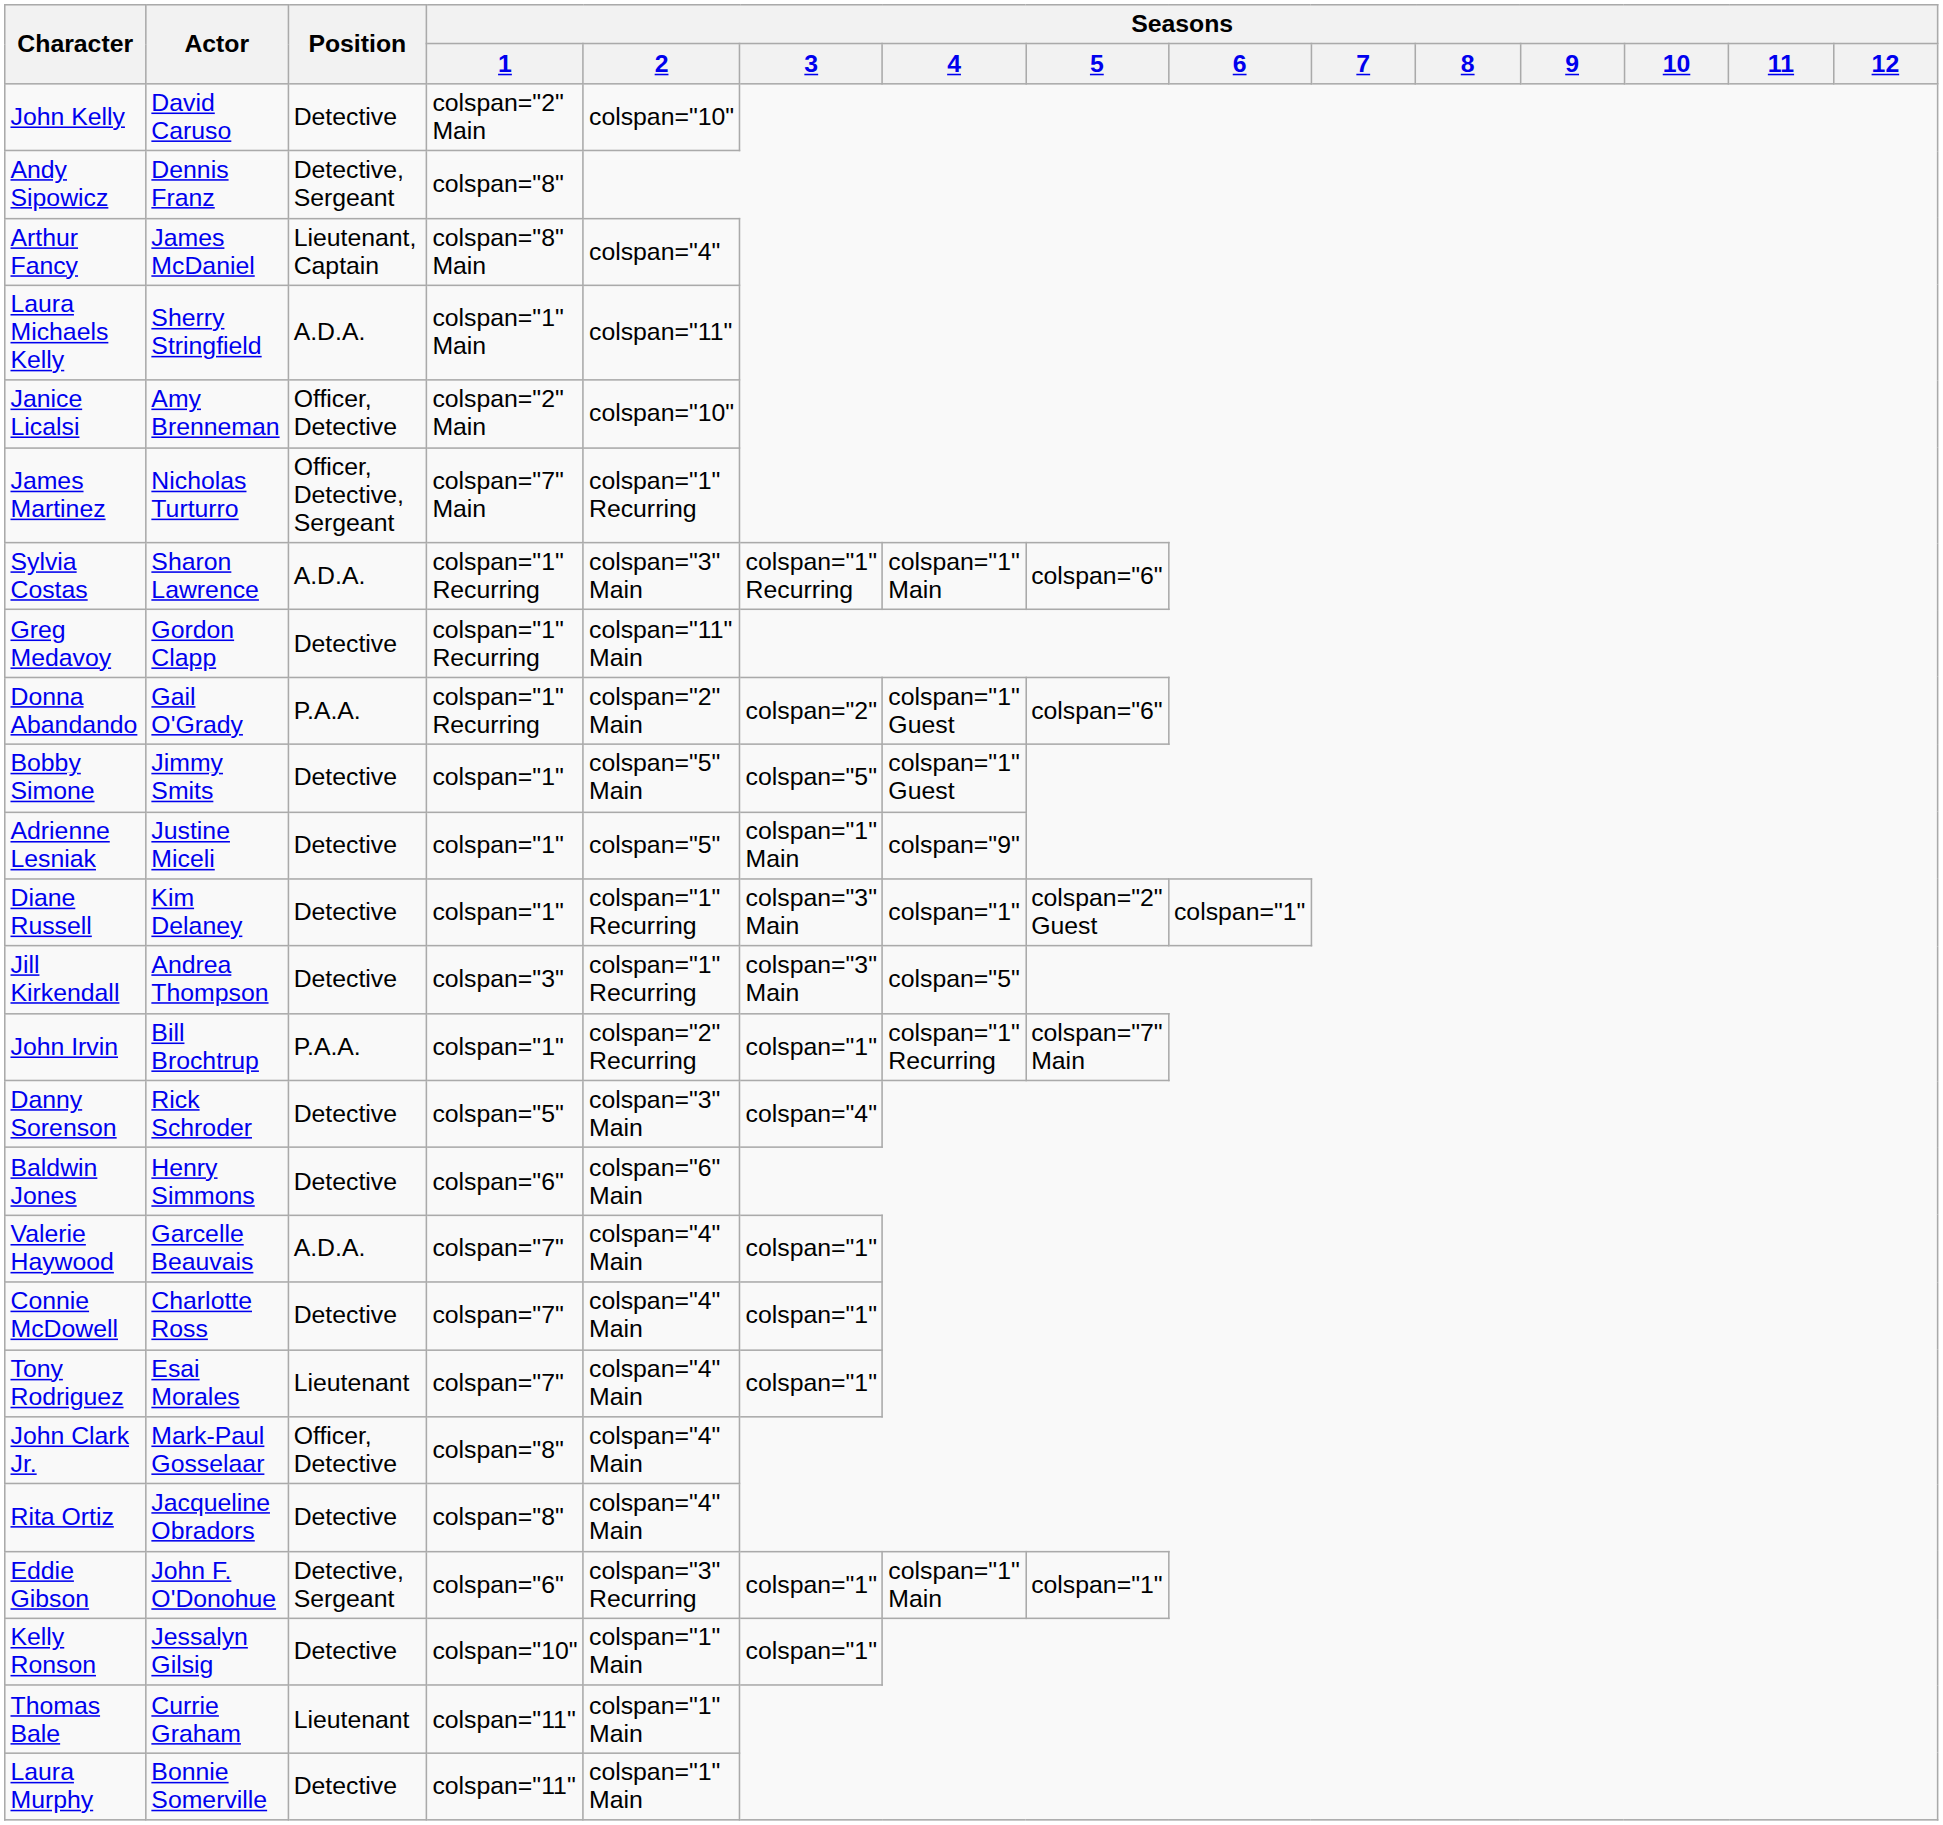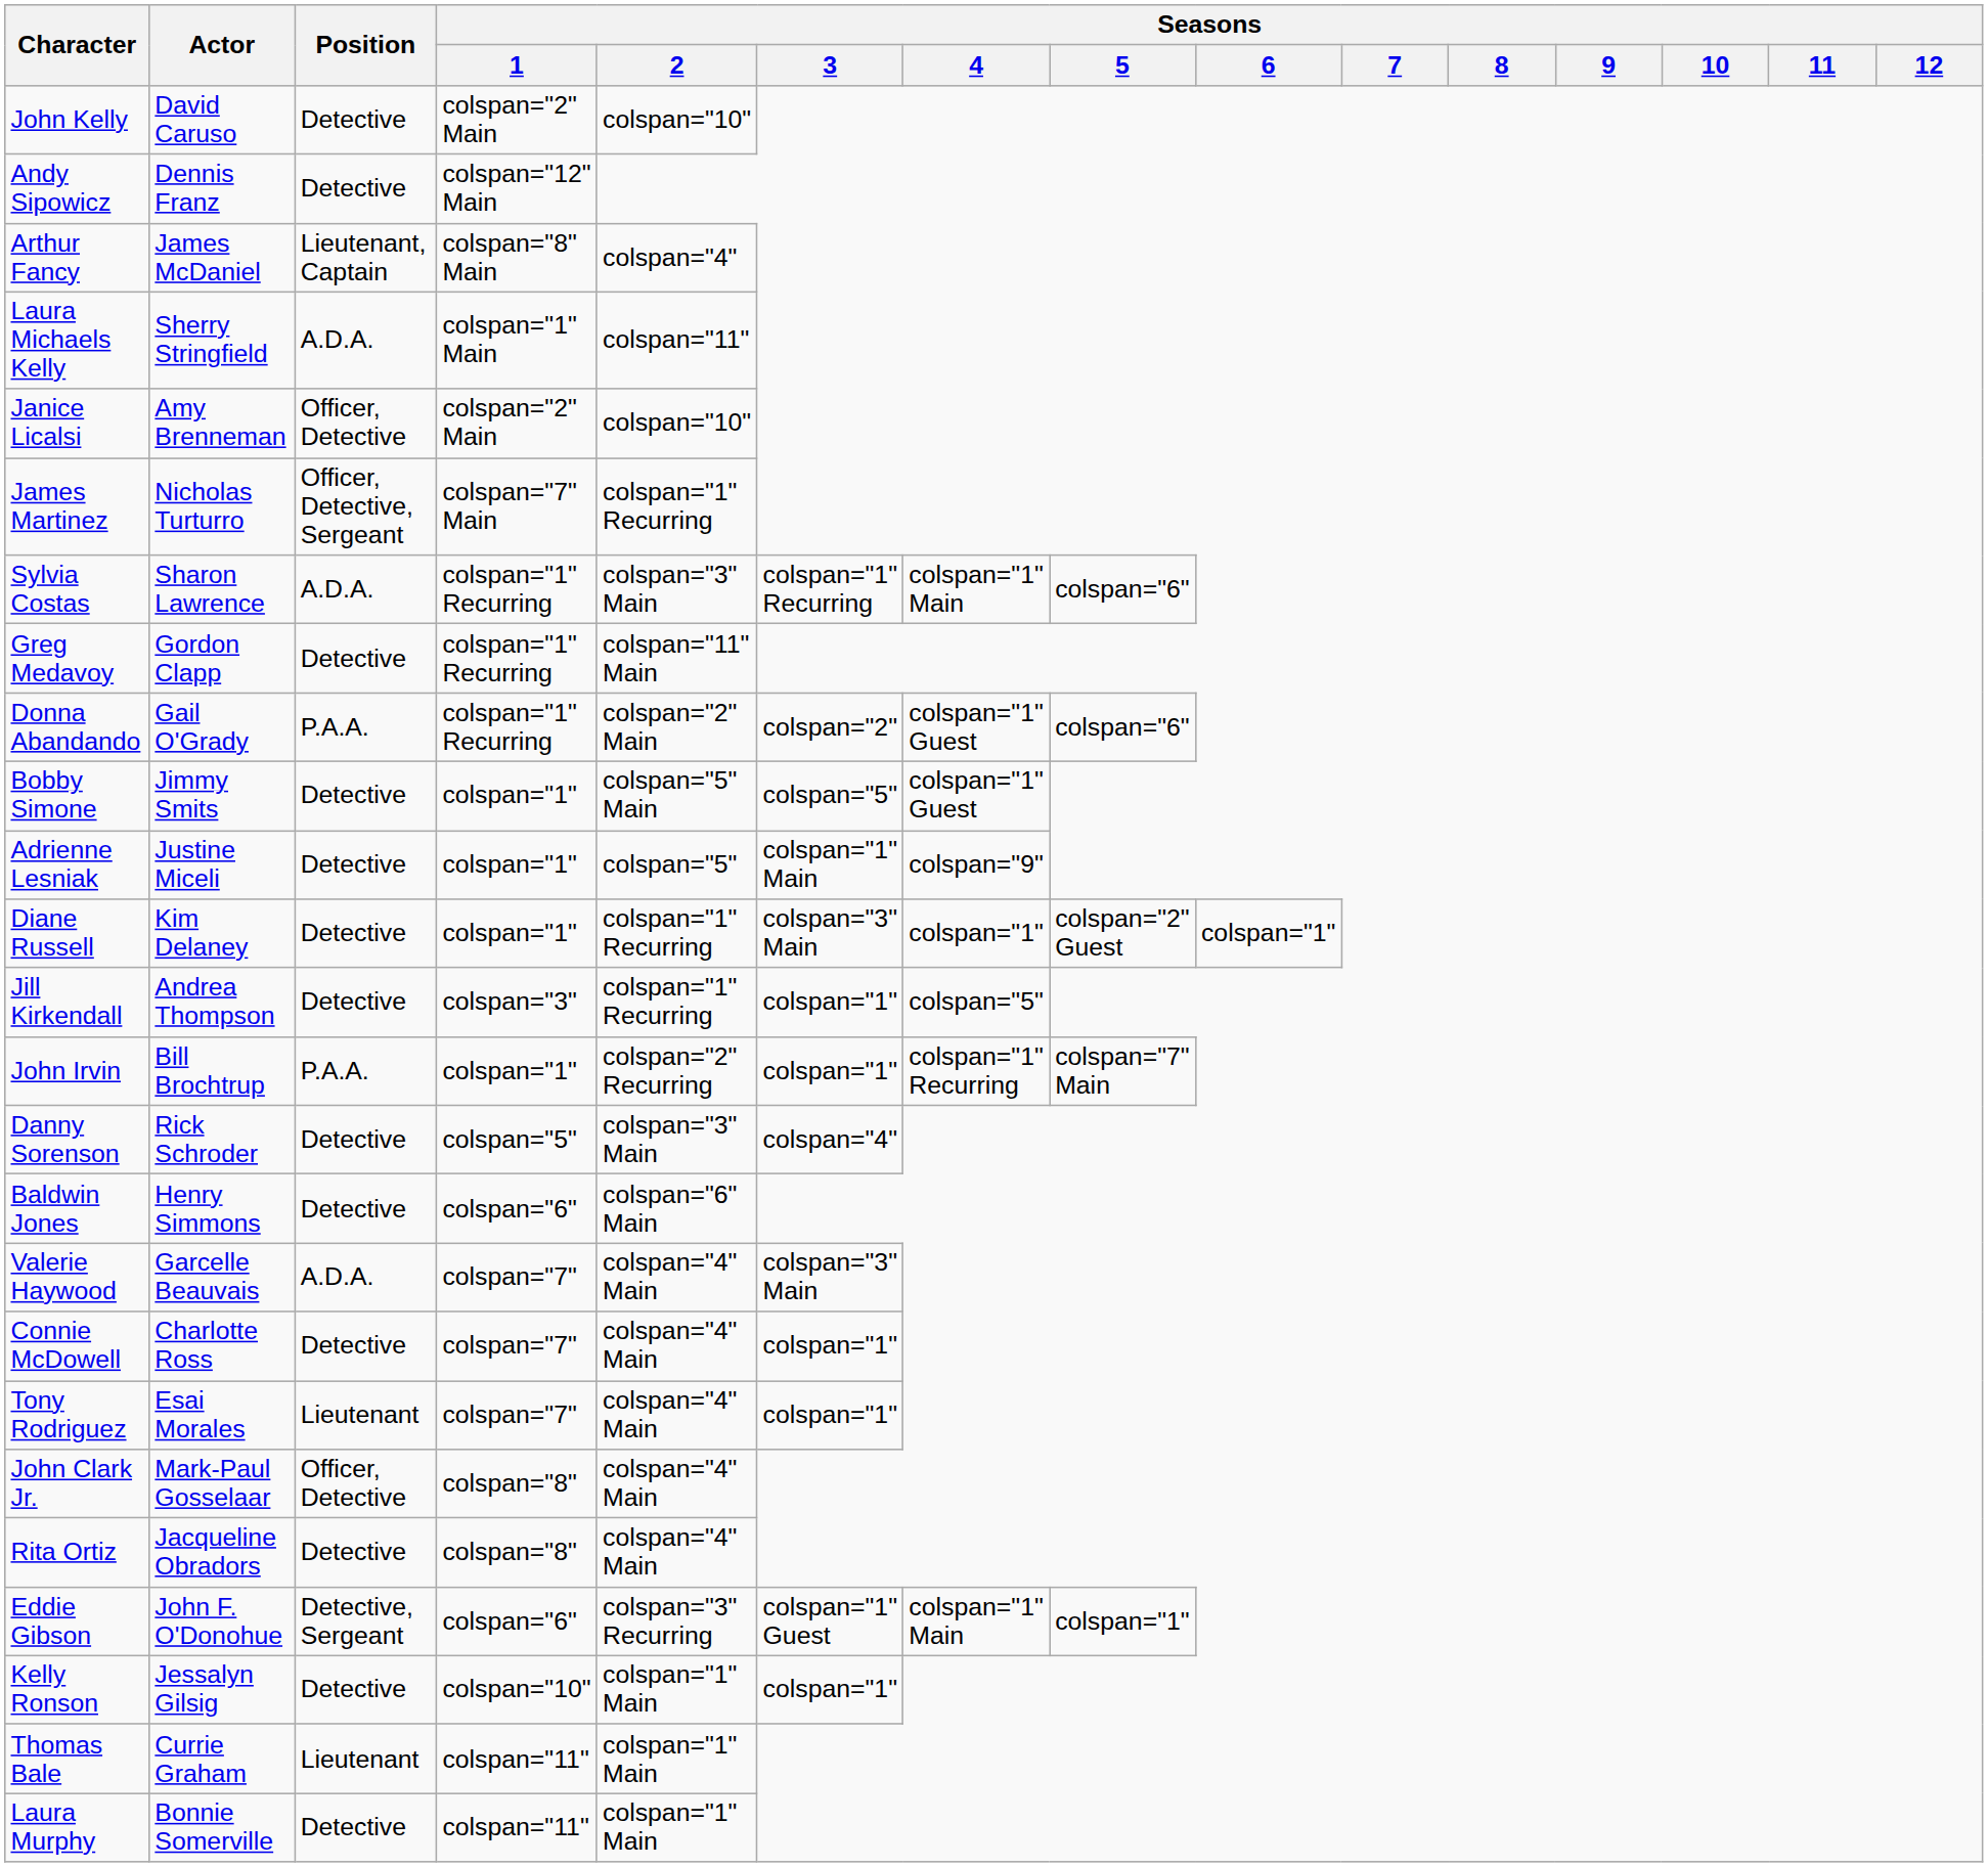 <table class="wikitable">
 <tr>
 <th rowspan="2">Character</th>
 <th rowspan="2">Actor</th>
 <th rowspan="2">Position</th>
 <th colspan="12">Seasons</th>
 </tr>
 <tr>
 <th style="width:60px;"><a href='#'>1</a></th>
 <th style="width:60px;"><a href='#'>2</a></th>
 <th style="width:60px;"><a href='#'>3</a></th>
 <th style="width:60px;"><a href='#'>4</a></th>
 <th style="width:60px;"><a href='#'>5</a></th>
 <th style="width:60px;"><a href='#'>6</a></th>
 <th style="width:60px;"><a href='#'>7</a></th>
 <th style="width:60px;"><a href='#'>8</a></th>
 <th style="width:60px;"><a href='#'>9</a></th>
 <th style="width:60px;"><a href='#'>10</a></th>
 <th style="width:60px;"><a href='#'>11</a></th>
 <th style="width:60px;"><a href='#'>12</a></th>
 </tr>
 <tr>
 <td><a href='#'>John Kelly</a></td>
 <td><a href='#'>David Caruso</a></td>
 <td>Detective</td>
 <td>colspan="2"  Main</td>
 <td>colspan="10" </td>
 </tr>
 <tr>
 <td><a href='#'>Andy Sipowicz</a></td>
 <td><a href='#'>Dennis Franz</a></td>
-<td>Detective, Sergeant</td>
-<td>colspan="8" </td>
+<td>Detective</td>
+<td>colspan="12"  Main</td>
 </tr>
 <tr>
 <td><a href='#'>Arthur Fancy</a></td>
 <td><a href='#'>James McDaniel</a></td>
 <td>Lieutenant, Captain</td>
 <td>colspan="8"  Main</td>
 <td>colspan="4" </td>
 </tr>
 <tr>
 <td><a href='#'>Laura Michaels Kelly</a></td>
 <td><a href='#'>Sherry Stringfield</a></td>
 <td>A.D.A.</td>
 <td>colspan="1"  Main</td>
 <td>colspan="11" </td>
 </tr>
 <tr>
 <td><a href='#'>Janice Licalsi</a></td>
 <td><a href='#'>Amy Brenneman</a></td>
 <td>Officer, Detective</td>
 <td>colspan="2"  Main</td>
 <td>colspan="10" </td>
 </tr>
 <tr>
 <td><a href='#'>James Martinez</a></td>
 <td><a href='#'>Nicholas Turturro</a></td>
 <td>Officer, Detective, Sergeant</td>
 <td>colspan="7"  Main</td>
 <td>colspan="1"  Recurring</td>
 </tr>
 <tr>
 <td><a href='#'>Sylvia Costas</a></td>
 <td><a href='#'>Sharon Lawrence</a></td>
 <td>A.D.A.</td>
 <td>colspan="1"  Recurring</td>
 <td>colspan="3"  Main</td>
 <td>colspan="1"  Recurring</td>
 <td>colspan="1"  Main</td>
 <td>colspan="6" </td>
 </tr>
 <tr>
 <td><a href='#'>Greg Medavoy</a></td>
 <td><a href='#'>Gordon Clapp</a></td>
 <td>Detective</td>
 <td>colspan="1"  Recurring</td>
 <td>colspan="11"  Main</td>
 </tr>
 <tr>
 <td><a href='#'>Donna Abandando</a></td>
 <td><a href='#'>Gail O'Grady</a></td>
 <td>P.A.A.</td>
 <td>colspan="1"  Recurring</td>
 <td>colspan="2"  Main</td>
 <td>colspan="2" </td>
 <td>colspan="1"  Guest</td>
 <td>colspan="6" </td>
 </tr>
 <tr>
 <td><a href='#'>Bobby Simone</a></td>
 <td><a href='#'>Jimmy Smits</a></td>
 <td>Detective</td>
 <td>colspan="1" </td>
 <td>colspan="5"  Main</td>
 <td>colspan="5" </td>
 <td>colspan="1"  Guest</td>
 </tr>
 <tr>
 <td><a href='#'>Adrienne Lesniak</a></td>
 <td><a href='#'>Justine Miceli</a></td>
 <td>Detective</td>
 <td>colspan="1" </td>
 <td>colspan="5" </td>
 <td>colspan="1"  Main</td>
 <td>colspan="9" </td>
 </tr>
 <tr>
 <td><a href='#'>Diane Russell</a></td>
 <td><a href='#'>Kim Delaney</a></td>
 <td>Detective</td>
 <td>colspan="1" </td>
 <td>colspan="1"  Recurring</td>
 <td>colspan="3"  Main</td>
 <td>colspan="1" </td>
 <td>colspan="2"  Guest</td>
 <td>colspan="1" </td>
 </tr>
 <tr>
 <td><a href='#'>Jill Kirkendall</a></td>
 <td><a href='#'>Andrea Thompson</a></td>
 <td>Detective</td>
 <td>colspan="3" </td>
 <td>colspan="1"  Recurring</td>
-<td>colspan="3"  Main</td>
+<td>colspan="1" </td>
 <td>colspan="5" </td>
 </tr>
 <tr>
 <td><a href='#'>John Irvin</a></td>
 <td><a href='#'>Bill Brochtrup</a></td>
 <td>P.A.A.</td>
 <td>colspan="1" </td>
 <td>colspan="2"  Recurring</td>
 <td>colspan="1" </td>
 <td>colspan="1"  Recurring</td>
 <td>colspan="7"  Main</td>
 </tr>
 <tr>
 <td><a href='#'>Danny Sorenson</a></td>
 <td><a href='#'>Rick Schroder</a></td>
 <td>Detective</td>
 <td>colspan="5" </td>
 <td>colspan="3"  Main</td>
 <td>colspan="4" </td>
 </tr>
 <tr>
 <td><a href='#'>Baldwin Jones</a></td>
 <td><a href='#'>Henry Simmons</a></td>
 <td>Detective</td>
 <td>colspan="6" </td>
 <td>colspan="6"  Main</td>
 </tr>
 <tr>
 <td><a href='#'>Valerie Haywood</a></td>
 <td><a href='#'>Garcelle Beauvais</a></td>
 <td>A.D.A.</td>
 <td>colspan="7" </td>
 <td>colspan="4"  Main</td>
-<td>colspan="1" </td>
+<td>colspan="3"  Main</td>
 </tr>
 <tr>
 <td><a href='#'>Connie McDowell</a></td>
 <td><a href='#'>Charlotte Ross</a></td>
 <td>Detective</td>
 <td>colspan="7" </td>
 <td>colspan="4"  Main</td>
 <td>colspan="1" </td>
 </tr>
 <tr>
 <td><a href='#'>Tony Rodriguez</a></td>
 <td><a href='#'>Esai Morales</a></td>
 <td>Lieutenant</td>
 <td>colspan="7" </td>
 <td>colspan="4"  Main</td>
 <td>colspan="1" </td>
 </tr>
 <tr>
 <td><a href='#'>John Clark Jr.</a></td>
 <td><a href='#'>Mark-Paul Gosselaar</a></td>
 <td>Officer, Detective</td>
 <td>colspan="8" </td>
 <td>colspan="4"  Main</td>
 </tr>
 <tr>
 <td><a href='#'>Rita Ortiz</a></td>
 <td><a href='#'>Jacqueline Obradors</a></td>
 <td>Detective</td>
 <td>colspan="8" </td>
 <td>colspan="4"  Main</td>
 </tr>
 <tr>
 <td><a href='#'>Eddie Gibson</a></td>
 <td><a href='#'>John F. O'Donohue</a></td>
 <td>Detective, Sergeant</td>
 <td>colspan="6" </td>
 <td>colspan="3"  Recurring</td>
-<td>colspan="1" </td>
+<td>colspan="1"  Guest</td>
 <td>colspan="1"  Main</td>
 <td>colspan="1" </td>
 </tr>
 <tr>
 <td><a href='#'>Kelly Ronson</a></td>
 <td><a href='#'>Jessalyn Gilsig</a></td>
 <td>Detective</td>
 <td>colspan="10" </td>
 <td>colspan="1"  Main</td>
 <td>colspan="1" </td>
 </tr>
 <tr>
 <td><a href='#'>Thomas Bale</a></td>
 <td><a href='#'>Currie Graham</a></td>
 <td>Lieutenant</td>
 <td>colspan="11" </td>
 <td>colspan="1"  Main</td>
 </tr>
 <tr>
 <td><a href='#'>Laura Murphy</a></td>
 <td><a href='#'>Bonnie Somerville</a></td>
 <td>Detective</td>
 <td>colspan="11" </td>
 <td>colspan="1"  Main</td>
 </tr>
 </table>
